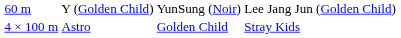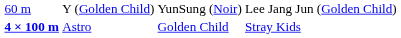 <table>
 <tr>
 <td><a href='#'>60 m</a></td>
 <td>Y (<a href='#'>Golden Child</a>)</td>
 <td>YunSung (<a href='#'>Noir</a>)</td>
 <td>Lee Jang Jun (<a href='#'>Golden Child</a>)</td>
 </tr>
 <tr>
-<td><a href='#'>4 × 100 m</a></td>
+<td><strong><a href='#'>4 × 100 m</a></strong></td>
 <td><a href='#'>Astro</a></td>
 <td><a href='#'>Golden Child</a></td>
 <td><a href='#'>Stray Kids</a></td>
 </tr>
 </table>
